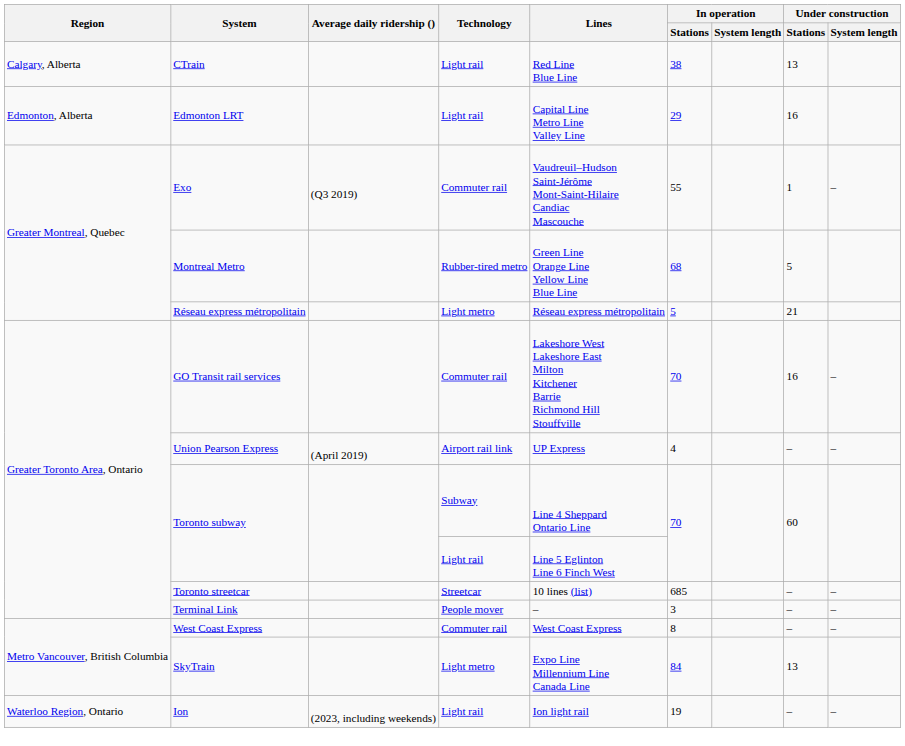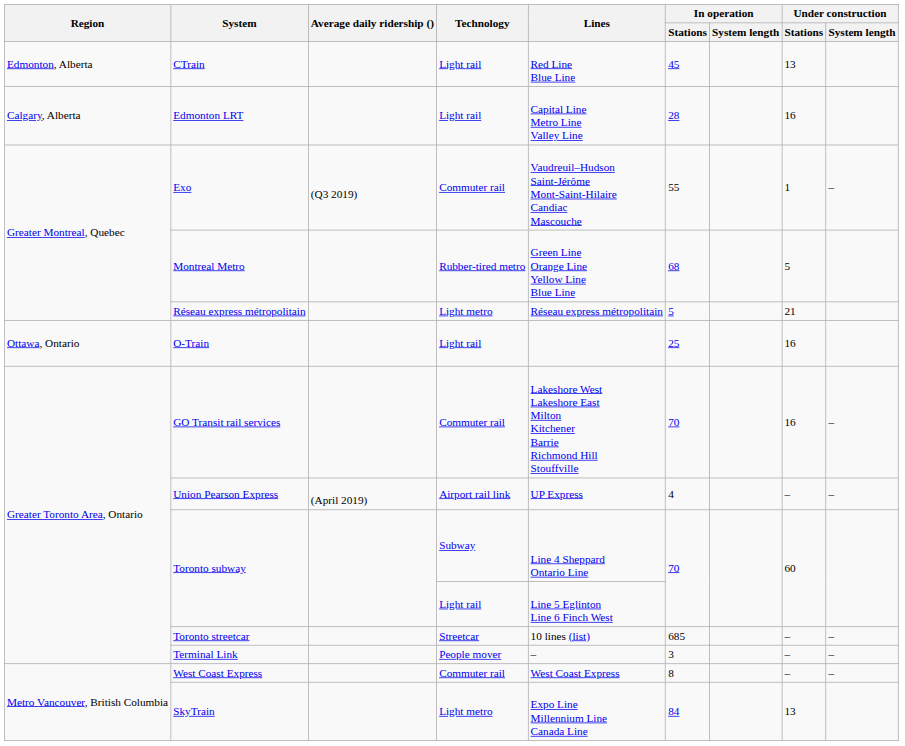 <table class="wikitable sortable" style="font-size:95%;">
 <tr>
 <th rowspan=2>Region</th>
 <th rowspan=2>System</th>
 <th rowspan=2>Average daily ridership ()</th>
 <th rowspan=2>Technology</th>
 <th rowspan=2>Lines</th>
 <th colspan=2>In operation</th>
 <th Colspan=2>Under construction</th>
 </tr>
 <tr>
 <th>Stations</th>
 <th>System length</th>
 <th>Stations</th>
 <th>System length</th>
 </tr>
 <tr>
-<td><a href='#'>Calgary</a>, Alberta</td>
+<td><a href='#'>Edmonton</a>, Alberta</td>
 <td><a href='#'>CTrain</a></td>
 <td></td>
 <td><a href='#'>Light rail</a></td>
 <td><br> <a href='#'>Red Line</a><br>  <a href='#'>Blue Line</a><em></td>
-<td><a href='#'>38</a></td>
+<td><a href='#'>45</a></td>
 <td></td>
 <td>13</td>
 <td></td>
 </tr>
 <tr>
-<td><a href='#'>Edmonton</a>, Alberta</td>
+<td><a href='#'>Calgary</a>, Alberta</td>
 <td><a href='#'>Edmonton LRT</a></td>
 <td></td>
 <td><a href='#'>Light rail</a></td>
 <td><br> <a href='#'>Capital Line</a><br>  <a href='#'>Metro Line</a><br>  <a href='#'>Valley Line</a></td>
-<td><a href='#'>29</a></td>
+<td><a href='#'>28</a></td>
 <td></td>
 <td>16</td>
 <td></td>
 </tr>
 <tr>
 <td rowspan="3"><a href='#'>Greater Montreal</a>, Quebec</td>
 <td><a href='#'>Exo</a></td>
 <td><br>(Q3 2019)</td>
 <td><a href='#'>Commuter rail</a></td>
 <td><br> <a href='#'>Vaudreuil–Hudson</a><br>  <a href='#'>Saint-Jérôme</a><br>  <a href='#'>Mont-Saint-Hilaire</a><br>  <a href='#'>Candiac</a><br>  <a href='#'>Mascouche</a></td>
 <td>55</td>
 <td></td>
 <td>1</td>
 <td>–</td>
 </tr>
 <tr>
 <td><a href='#'>Montreal Metro</a></td>
 <td></td>
 <td><a href='#'>Rubber-tired metro</a></td>
 <td><br> <a href='#'>Green Line</a><br>  <a href='#'>Orange Line</a><br>  <a href='#'>Yellow Line</a><br>  <a href='#'>Blue Line</a></td>
 <td><a href='#'>68</a></td>
 <td></td>
 <td>5</td>
 <td></td>
 </tr>
 <tr>
 <td><a href='#'>Réseau express métropolitain</a></td>
 <td></td>
 <td><a href='#'>Light metro</a></td>
 <td> <a href='#'>Réseau express métropolitain</a></td>
 <td><a href='#'>5</a></td>
 <td></td>
 <td>21</td>
+<td></td>
+</tr>
+<tr>
+<td><a href='#'>Ottawa</a>, Ontario</td>
+<td><a href='#'>O-Train</a></td>
+<td></td>
+<td><a href='#'>Light rail</a></td>
+<td><br> <br>  <br>  </td>
+<td><a href='#'>25</a></td>
+<td></td>
+<td>16</td>
 <td></td>
 </tr>
 <tr>
 <td rowspan="6"><a href='#'>Greater Toronto Area</a>, Ontario</td>
 <td><a href='#'>GO Transit rail services</a></td>
 <td></td>
 <td><a href='#'>Commuter rail</a></td>
 <td><br> <a href='#'>Lakeshore West</a><br>  <a href='#'>Lakeshore East</a><br>  <a href='#'>Milton</a><br>  <a href='#'>Kitchener</a><br>  <a href='#'>Barrie</a><br>  <a href='#'>Richmond Hill</a><br>  <a href='#'>Stouffville</a></td>
 <td><a href='#'>70</a></td>
 <td></td>
 <td>16</td>
 <td>–</td>
 </tr>
 <tr>
 <td><a href='#'>Union Pearson Express</a></td>
 <td><br>(April 2019)</td>
 <td><a href='#'>Airport rail link</a></td>
 <td> <a href='#'>UP Express</a></td>
 <td>4</td>
 <td></td>
 <td>–</td>
 <td>–</td>
 </tr>
 <tr>
 <td rowspan="2"><a href='#'>Toronto subway</a></td>
 <td rowspan="2"></td>
 <td><a href='#'>Subway</a></td>
 <td><br><br> <br>  <a href='#'>Line 4 Sheppard</a><br>  </em><a href='#'>Ontario Line</a><em></td>
 <td rowspan="2"><a href='#'>70</a></td>
 <td rowspan="2"></td>
 <td rowspan="2">60</td>
 <td rowspan="2"></td>
 </tr>
 <tr>
 <td><a href='#'>Light rail</a></td>
 <td><br> </em><a href='#'>Line 5 Eglinton</a><em><br>  </em><a href='#'>Line 6 Finch West</a><em></td>
 </tr>
 <tr>
 <td><a href='#'>Toronto streetcar</a></td>
 <td></td>
 <td><a href='#'>Streetcar</a></td>
 <td>10 lines <a href='#'>(list)</a></td>
 <td>685</td>
 <td></td>
 <td>–</td>
 <td>–</td>
 </tr>
 <tr>
 <td><a href='#'>Terminal Link</a></td>
 <td></td>
 <td><a href='#'>People mover</a></td>
 <td>–</td>
 <td>3</td>
 <td></td>
 <td>–</td>
 <td>–</td>
 </tr>
 <tr>
 <td rowspan="2"><a href='#'>Metro Vancouver</a>, British Columbia</td>
 <td><a href='#'>West Coast Express</a></td>
 <td></td>
 <td><a href='#'>Commuter rail</a></td>
 <td> <a href='#'>West Coast Express</a></td>
 <td>8</td>
 <td></td>
 <td>–</td>
 <td>–</td>
 </tr>
 <tr>
 <td><a href='#'>SkyTrain</a></td>
 <td></td>
 <td><a href='#'>Light metro</a></td>
 <td><br> <a href='#'>Expo Line</a><br>  <a href='#'>Millennium Line</a><br>  <a href='#'>Canada Line</a></td>
 <td><a href='#'>84</a></td>
 <td></td>
 <td>13</td>
 <td></td>
 </tr>
-<tr>
-<td><a href='#'>Waterloo Region</a>, Ontario</td>
-<td><a href='#'>Ion</a></td>
-<td><br>(2023, including weekends)</td>
-<td><a href='#'>Light rail</a></td>
-<td> <a href='#'>Ion light rail</a></td>
-<td>19</td>
-<td></td>
-<td>–</td>
-<td>–</td>
-</tr>
 </table>
